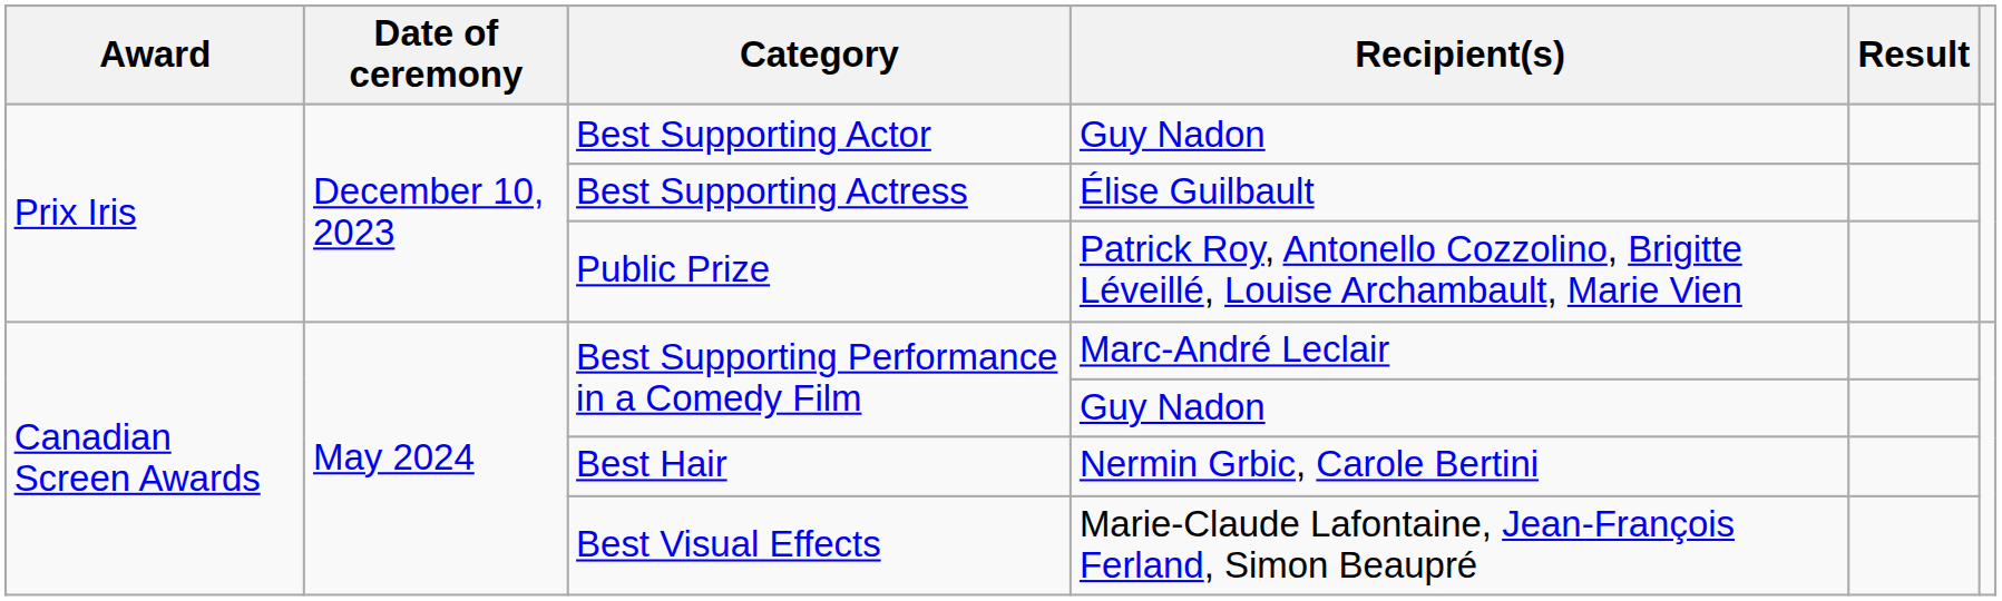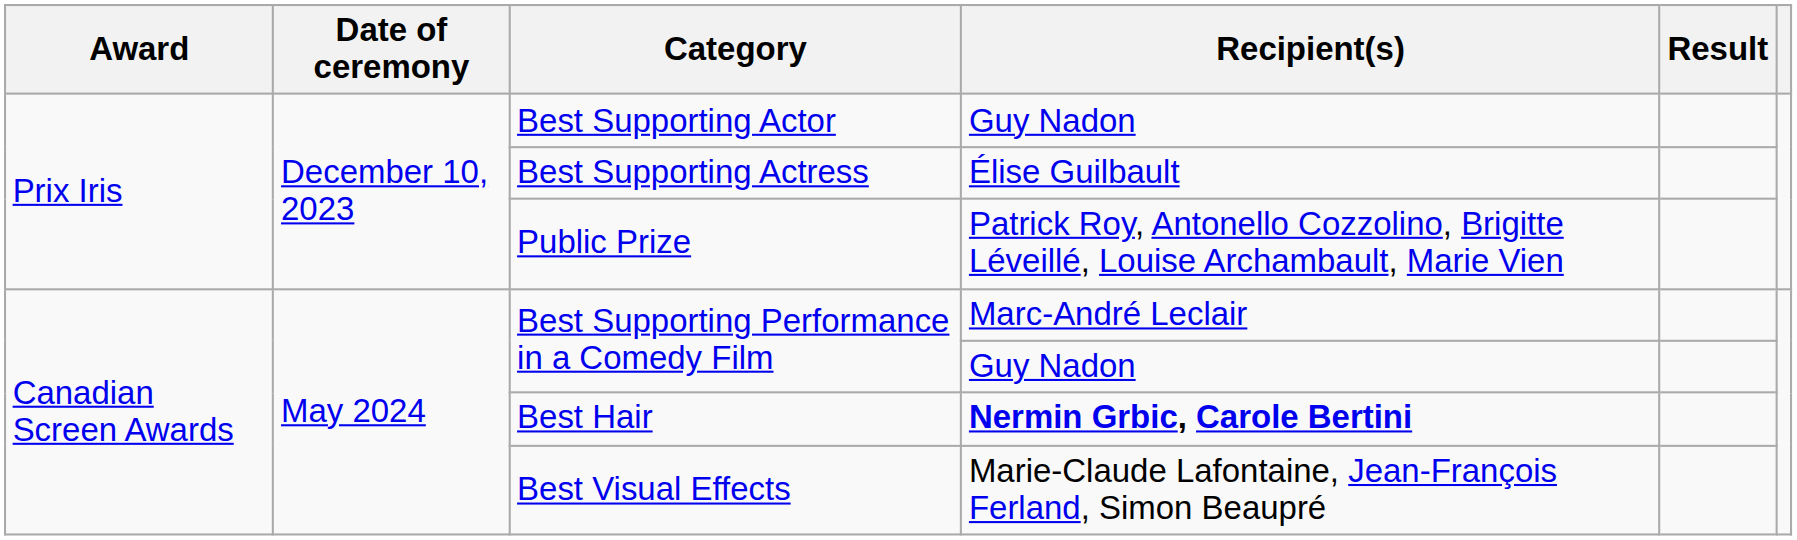 <table class="wikitable plainrowheaders sortable">
 <tr>
 <th scope="col">Award</th>
 <th scope="col">Date of ceremony</th>
 <th scope="col">Category</th>
 <th scope="col">Recipient(s)</th>
 <th scope="col">Result</th>
 <th scope="col" class="unsortable"></th>
 </tr>
 <tr>
 <td rowspan=3><a href='#'>Prix Iris</a></td>
 <td rowspan=3><a href='#'>December 10, 2023</a></td>
 <td><a href='#'>Best Supporting Actor</a></td>
 <td><a href='#'>Guy Nadon</a></td>
 <td></td>
 <td rowspan=3></td>
 </tr>
 <tr>
 <td><a href='#'>Best Supporting Actress</a></td>
 <td><a href='#'>Élise Guilbault</a></td>
 <td></td>
 </tr>
 <tr>
 <td><a href='#'>Public Prize</a></td>
 <td><a href='#'>Patrick Roy</a>, <a href='#'>Antonello Cozzolino</a>, <a href='#'>Brigitte Léveillé</a>, <a href='#'>Louise Archambault</a>, <a href='#'>Marie Vien</a></td>
 <td></td>
 </tr>
 <tr>
 <td rowspan=4><a href='#'>Canadian Screen Awards</a></td>
 <td rowspan=4><a href='#'>May 2024</a></td>
 <td rowspan=2><a href='#'>Best Supporting Performance in a Comedy Film</a></td>
 <td><a href='#'>Marc-André Leclair</a></td>
 <td></td>
 <td rowspan=4></td>
 </tr>
 <tr>
 <td><a href='#'>Guy Nadon</a></td>
 <td></td>
 </tr>
 <tr>
 <td><a href='#'>Best Hair</a></td>
-<td><a href='#'>Nermin Grbic</a>, <a href='#'>Carole Bertini</a></td>
+<td><strong><a href='#'>Nermin Grbic</a>, <a href='#'>Carole Bertini</a></strong></td>
 <td></td>
 </tr>
 <tr>
 <td><a href='#'>Best Visual Effects</a></td>
 <td>Marie-Claude Lafontaine, <a href='#'>Jean-François Ferland</a>, Simon Beaupré</td>
 <td></td>
 </tr>
 </table>
